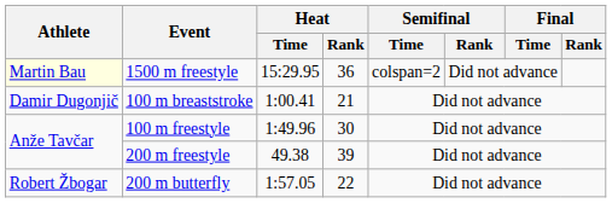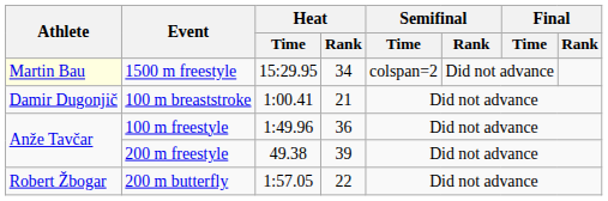 <table class=wikitable style="font-size:90%">
 <tr>
 <th rowspan="2">Athlete</th>
 <th rowspan="2">Event</th>
 <th colspan="2">Heat</th>
 <th colspan="2">Semifinal</th>
 <th colspan="2">Final</th>
 </tr>
 <tr style="font-size:95%">
 <th>Time</th>
 <th>Rank</th>
 <th>Time</th>
 <th>Rank</th>
 <th>Time</th>
 <th>Rank</th>
 </tr>
 <tr align=center>
 <td align=left style="background: lightyellow;"><a href='#'>Martin Bau</a></td>
 <td align=left><a href='#'>1500 m freestyle</a></td>
 <td>15:29.95</td>
-<td>36</td>
+<td>34</td>
 <td>colspan=2 </td>
 <td colspan=2>Did not advance</td>
 </tr>
 <tr align=center>
 <td align=left><a href='#'>Damir Dugonjič</a></td>
 <td align=left><a href='#'>100 m breaststroke</a></td>
 <td>1:00.41</td>
 <td>21</td>
 <td colspan=4>Did not advance</td>
 </tr>
 <tr align=center>
 <td align=left rowspan=2><a href='#'>Anže Tavčar</a></td>
 <td align=left><a href='#'>100 m freestyle</a></td>
 <td>1:49.96</td>
-<td>30</td>
+<td>36</td>
 <td colspan=4>Did not advance</td>
 </tr>
 <tr align=center>
 <td align=left><a href='#'>200 m freestyle</a></td>
 <td>49.38</td>
 <td>39</td>
 <td colspan=4>Did not advance</td>
 </tr>
 <tr align=center>
 <td align=left><a href='#'>Robert Žbogar</a></td>
 <td align=left><a href='#'>200 m butterfly</a></td>
 <td>1:57.05</td>
 <td>22</td>
 <td colspan=4>Did not advance</td>
 </tr>
 </table>
